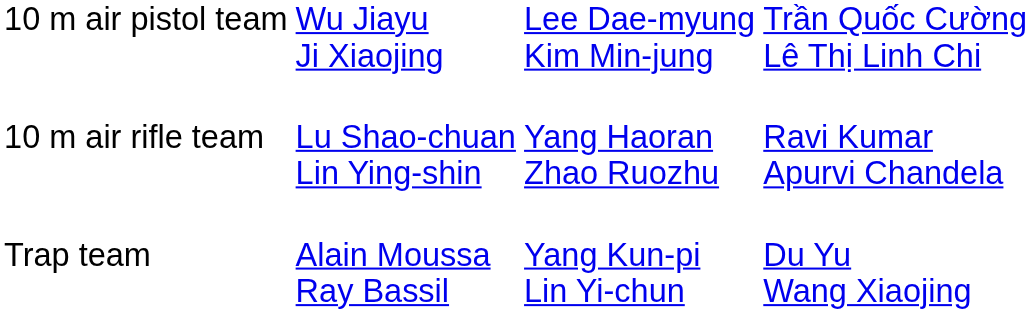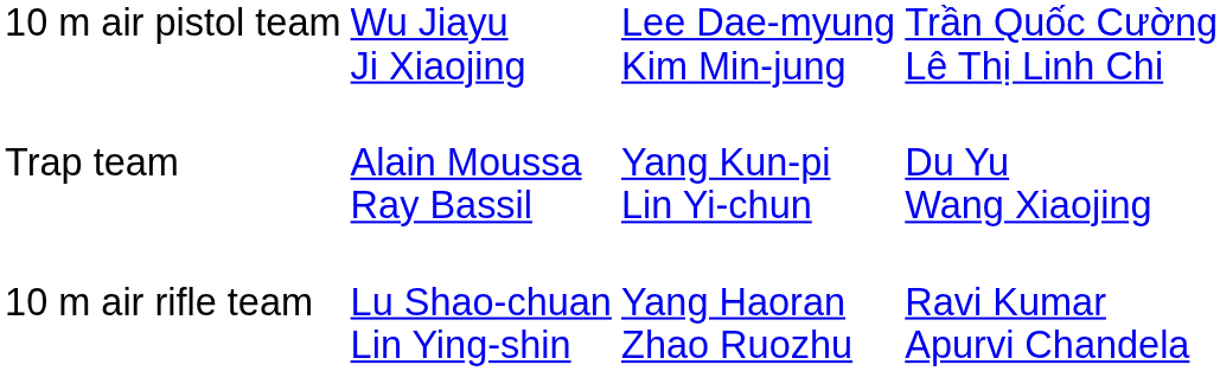 <table>
 <tr>
 <td>10 m air pistol team<br></td>
 <td><br><a href='#'>Wu Jiayu</a><br><a href='#'>Ji Xiaojing</a></td>
 <td><br><a href='#'>Lee Dae-myung</a><br><a href='#'>Kim Min-jung</a></td>
 <td><br><a href='#'>Trần Quốc Cường</a><br><a href='#'>Lê Thị Linh Chi</a></td>
 </tr>
 <tr>
+<td>Trap team<br></td>
+<td><br><a href='#'>Alain Moussa</a><br><a href='#'>Ray Bassil</a></td>
+<td><br><a href='#'>Yang Kun-pi</a><br><a href='#'>Lin Yi-chun</a></td>
+<td><br><a href='#'>Du Yu</a><br><a href='#'>Wang Xiaojing</a></td>
+</tr>
+<tr>
 <td>10 m air rifle team<br></td>
 <td><br><a href='#'>Lu Shao-chuan</a><br><a href='#'>Lin Ying-shin</a></td>
 <td><br><a href='#'>Yang Haoran</a><br><a href='#'>Zhao Ruozhu</a></td>
 <td><br><a href='#'>Ravi Kumar</a><br><a href='#'>Apurvi Chandela</a></td>
 </tr>
-<tr>
-<td>Trap team<br></td>
-<td><br><a href='#'>Alain Moussa</a><br><a href='#'>Ray Bassil</a></td>
-<td><br><a href='#'>Yang Kun-pi</a><br><a href='#'>Lin Yi-chun</a></td>
-<td><br><a href='#'>Du Yu</a><br><a href='#'>Wang Xiaojing</a></td>
-</tr>
 </table>
